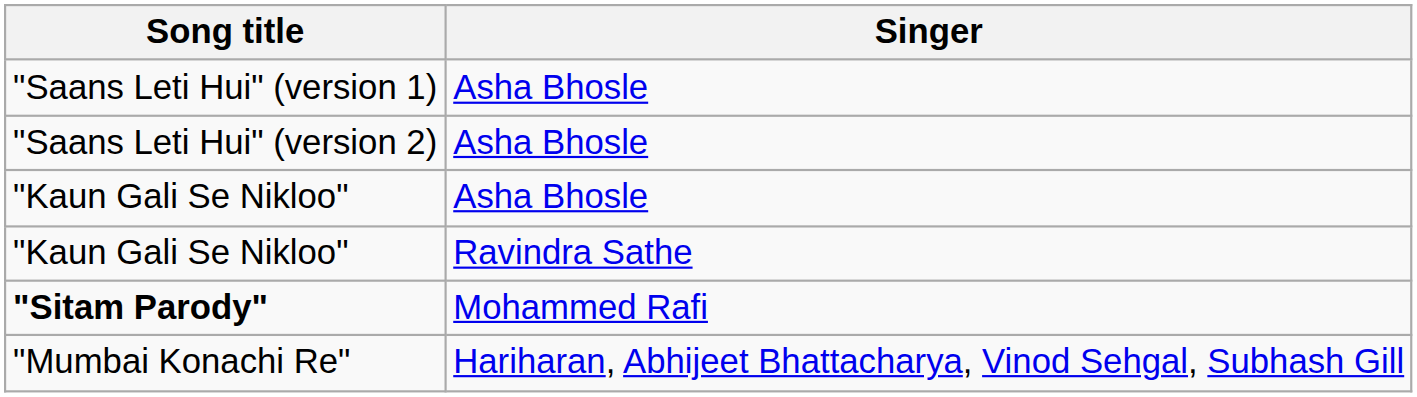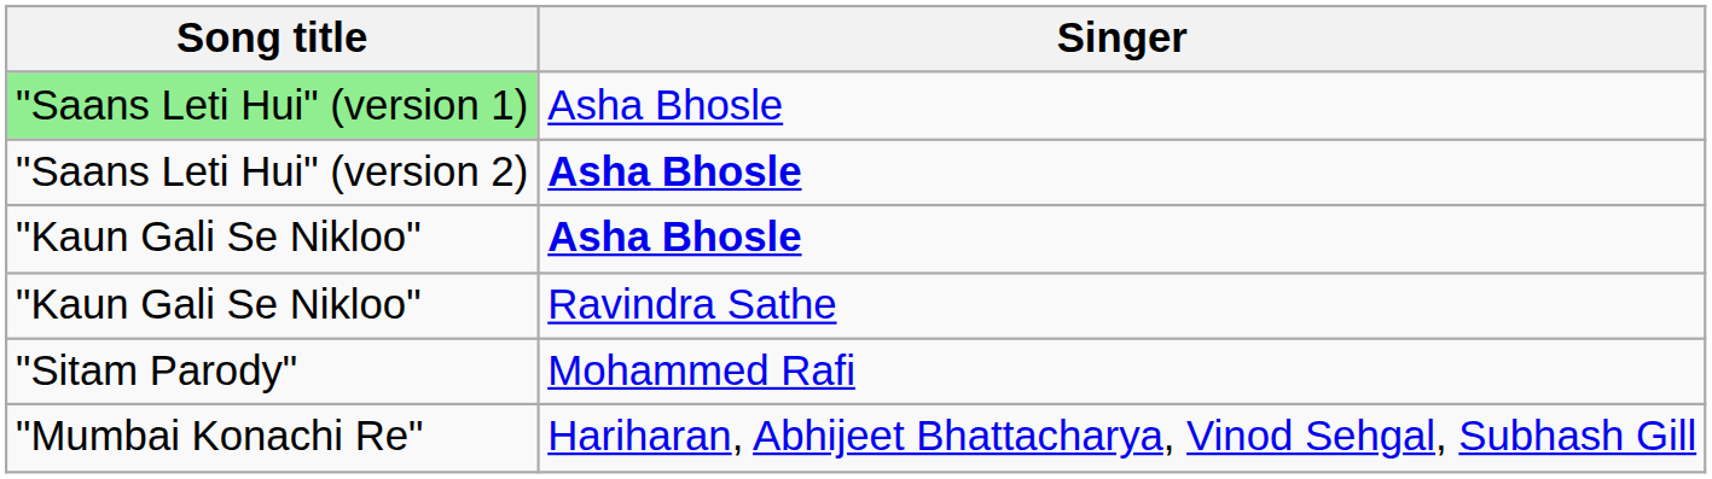 <table class="wikitable">
 <tr>
 <th>Song title</th>
 <th>Singer</th>
 </tr>
 <tr>
-<td>"Saans Leti Hui" (version 1)</td>
+<td style="background: lightgreen;">"Saans Leti Hui" (version 1)</td>
 <td><a href='#'>Asha Bhosle</a></td>
 </tr>
 <tr>
 <td>"Saans Leti Hui" (version 2)</td>
-<td><a href='#'>Asha Bhosle</a></td>
+<td><strong><a href='#'>Asha Bhosle</a></strong></td>
 </tr>
 <tr>
 <td>"Kaun Gali Se Nikloo"</td>
-<td><a href='#'>Asha Bhosle</a></td>
+<td><strong><a href='#'>Asha Bhosle</a></strong></td>
 </tr>
 <tr>
 <td>"Kaun Gali Se Nikloo"</td>
 <td><a href='#'>Ravindra Sathe</a></td>
 </tr>
 <tr>
-<td><strong>"Sitam Parody"</strong></td>
+<td>"Sitam Parody"</td>
 <td><a href='#'>Mohammed Rafi</a></td>
 </tr>
 <tr>
 <td>"Mumbai Konachi Re"</td>
 <td><a href='#'>Hariharan</a>, <a href='#'>Abhijeet Bhattacharya</a>, <a href='#'>Vinod Sehgal</a>, <a href='#'>Subhash Gill</a></td>
 </tr>
 </table>
